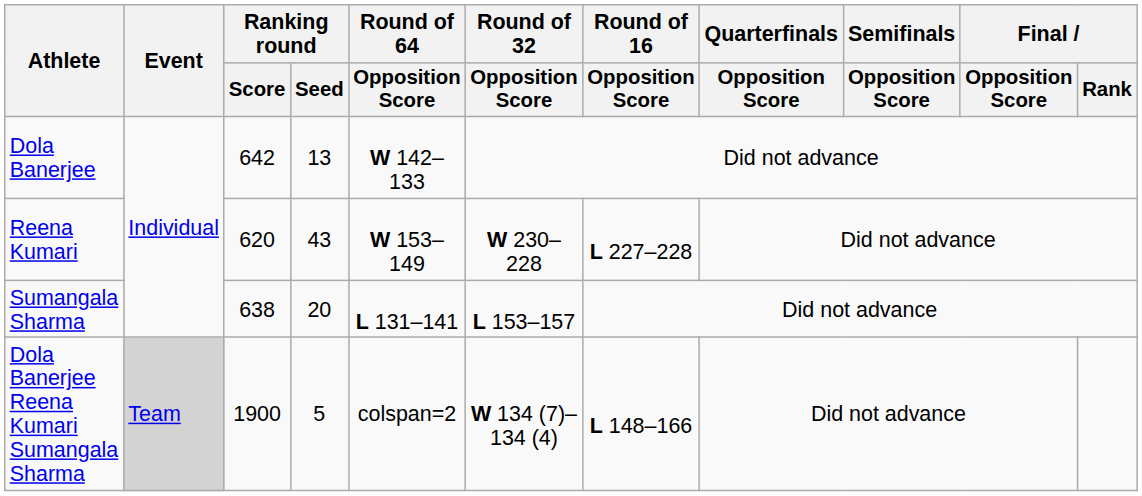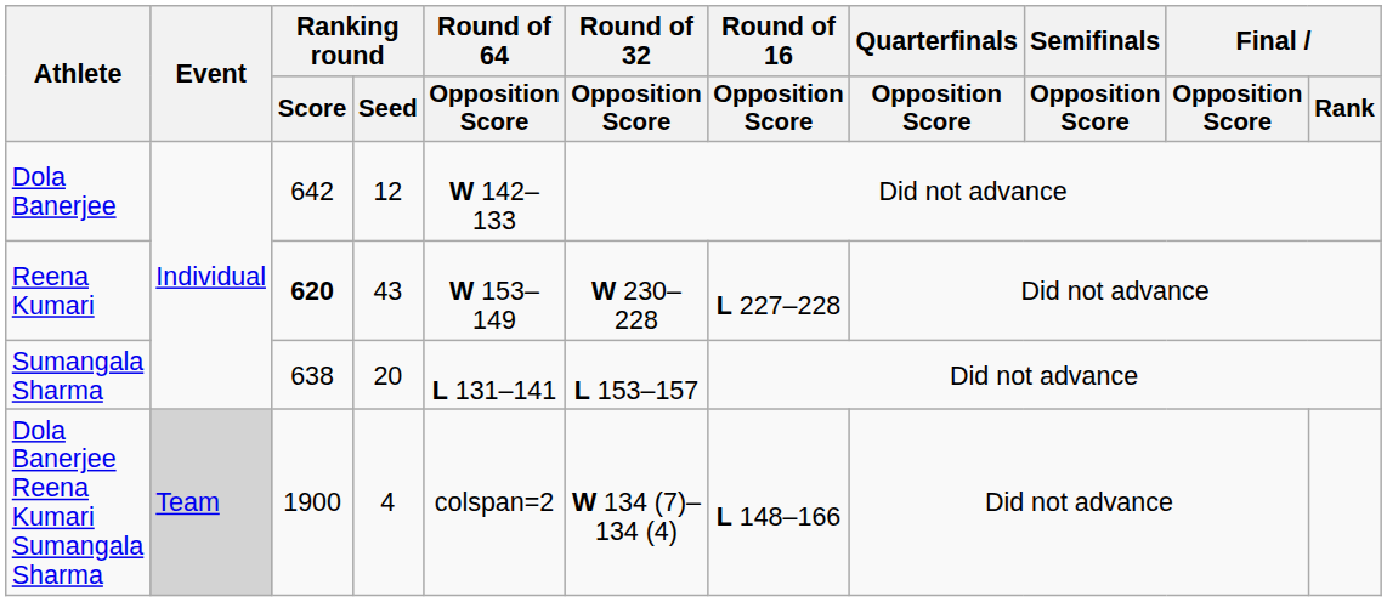 <table class="wikitable" style="font-size:90%">
 <tr>
 <th rowspan="2">Athlete</th>
 <th rowspan="2">Event</th>
 <th colspan="2">Ranking round</th>
 <th>Round of 64</th>
 <th>Round of 32</th>
 <th>Round of 16</th>
 <th>Quarterfinals</th>
 <th>Semifinals</th>
 <th colspan="2">Final / </th>
 </tr>
 <tr style="font-size:95%">
 <th>Score</th>
 <th>Seed</th>
 <th>Opposition<br>Score</th>
 <th>Opposition<br>Score</th>
 <th>Opposition<br>Score</th>
 <th>Opposition<br>Score</th>
 <th>Opposition<br>Score</th>
 <th>Opposition<br>Score</th>
 <th>Rank</th>
 </tr>
 <tr align=center>
 <td align=left><a href='#'>Dola Banerjee</a></td>
 <td align=left rowspan=3><a href='#'>Individual</a></td>
 <td>642</td>
-<td>13</td>
+<td>12</td>
 <td><br><strong>W</strong> 142–133</td>
 <td colspan=6>Did not advance</td>
 </tr>
 <tr align=center>
 <td align=left><a href='#'>Reena Kumari</a></td>
-<td>620</td>
+<td><strong>620</strong></td>
 <td>43</td>
 <td><br><strong>W</strong> 153–149</td>
 <td><br><strong>W</strong> 230–228</td>
 <td><br><strong>L</strong> 227–228</td>
 <td colspan=4>Did not advance</td>
 </tr>
 <tr align=center>
 <td align=left><a href='#'>Sumangala Sharma</a></td>
 <td>638</td>
 <td>20</td>
 <td><br><strong>L</strong> 131–141</td>
 <td><br><strong>L</strong> 153–157</td>
 <td colspan=5>Did not advance</td>
 </tr>
 <tr align=center>
 <td align=left><a href='#'>Dola Banerjee</a><br><a href='#'>Reena Kumari</a><br><a href='#'>Sumangala Sharma</a></td>
 <td align=left style="background: lightgrey;"><a href='#'>Team</a></td>
 <td>1900</td>
-<td>5</td>
+<td>4</td>
 <td>colspan=2 </td>
 <td><br><strong>W</strong> 134 (7)–134 (4)</td>
 <td><br><strong>L</strong> 148–166</td>
 <td colspan=3>Did not advance</td>
 </tr>
 </table>
